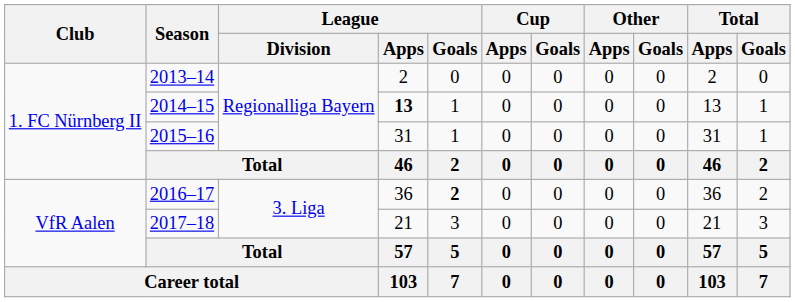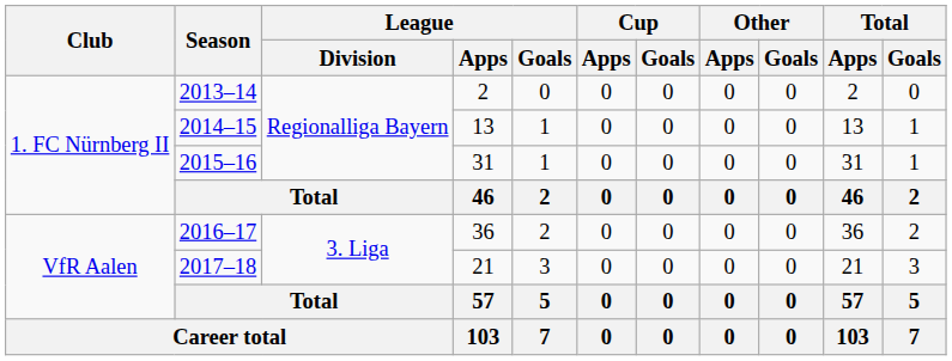 <table class="wikitable" style="text-align: center">
 <tr>
 <th rowspan="2">Club</th>
 <th rowspan="2">Season</th>
 <th colspan="3">League</th>
 <th colspan="2">Cup</th>
 <th colspan="2">Other</th>
 <th colspan="2">Total</th>
 </tr>
 <tr>
 <th>Division</th>
 <th>Apps</th>
 <th>Goals</th>
 <th>Apps</th>
 <th>Goals</th>
 <th>Apps</th>
 <th>Goals</th>
 <th>Apps</th>
 <th>Goals</th>
 </tr>
 <tr>
 <td rowspan="4"><a href='#'>1. FC Nürnberg II</a></td>
 <td><a href='#'>2013–14</a></td>
 <td rowspan="3"><a href='#'>Regionalliga Bayern</a></td>
 <td>2</td>
 <td>0</td>
 <td>0</td>
 <td>0</td>
 <td>0</td>
 <td>0</td>
 <td>2</td>
 <td>0</td>
 </tr>
 <tr>
 <td><a href='#'>2014–15</a></td>
-<td><strong>13</strong></td>
+<td>13</td>
 <td>1</td>
 <td>0</td>
 <td>0</td>
 <td>0</td>
 <td>0</td>
 <td>13</td>
 <td>1</td>
 </tr>
 <tr>
 <td><a href='#'>2015–16</a></td>
 <td>31</td>
 <td>1</td>
 <td>0</td>
 <td>0</td>
 <td>0</td>
 <td>0</td>
 <td>31</td>
 <td>1</td>
 </tr>
 <tr>
 <th colspan="2">Total</th>
 <th>46</th>
 <th>2</th>
 <th>0</th>
 <th>0</th>
 <th>0</th>
 <th>0</th>
 <th>46</th>
 <th>2</th>
 </tr>
 <tr>
 <td rowspan="3"><a href='#'>VfR Aalen</a></td>
 <td><a href='#'>2016–17</a></td>
 <td rowspan="2"><a href='#'>3. Liga</a></td>
 <td>36</td>
-<td><strong>2</strong></td>
+<td>2</td>
 <td>0</td>
 <td>0</td>
 <td>0</td>
 <td>0</td>
 <td>36</td>
 <td>2</td>
 </tr>
 <tr>
 <td><a href='#'>2017–18</a></td>
 <td>21</td>
 <td>3</td>
 <td>0</td>
 <td>0</td>
 <td>0</td>
 <td>0</td>
 <td>21</td>
 <td>3</td>
 </tr>
 <tr>
 <th colspan="2">Total</th>
 <th>57</th>
 <th>5</th>
 <th>0</th>
 <th>0</th>
 <th>0</th>
 <th>0</th>
 <th>57</th>
 <th>5</th>
 </tr>
 <tr>
 <th colspan="3">Career total</th>
 <th>103</th>
 <th>7</th>
 <th>0</th>
 <th>0</th>
 <th>0</th>
 <th>0</th>
 <th>103</th>
 <th>7</th>
 </tr>
 </table>
